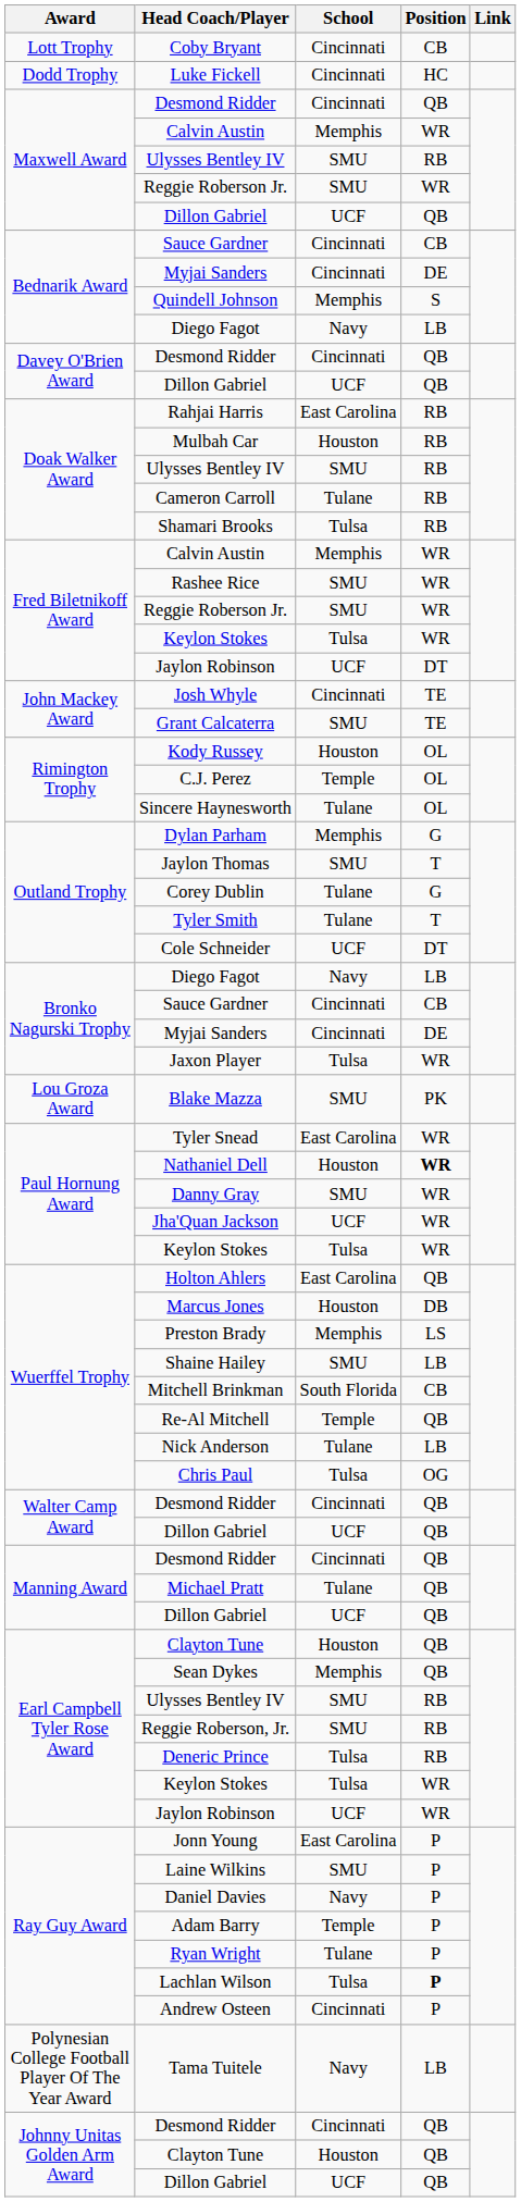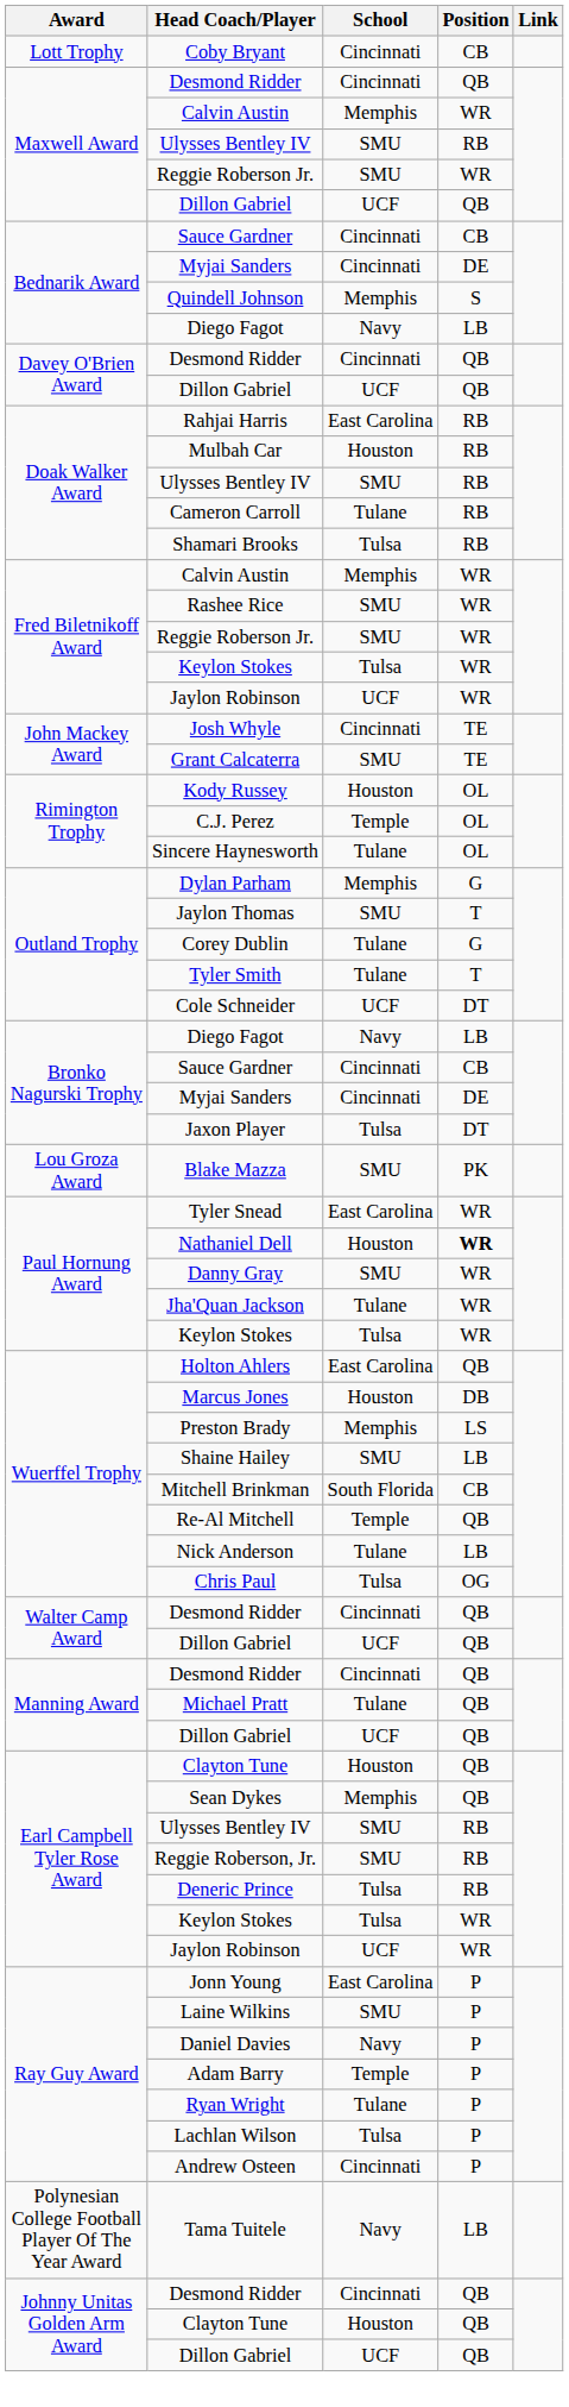 <table class="wikitable sortable" style="text-align: center;">
 <tr>
 <th style="width:110px;">Award</th>
 <th>Head Coach/Player</th>
 <th>School</th>
 <th>Position</th>
 <th>Link</th>
 </tr>
 <tr>
 <td><a href='#'>Lott Trophy</a></td>
 <td><a href='#'>Coby Bryant</a></td>
 <td>Cincinnati</td>
 <td>CB</td>
-<td></td>
-</tr>
-<tr>
-<td><a href='#'>Dodd Trophy</a></td>
-<td><a href='#'>Luke Fickell</a></td>
-<td>Cincinnati</td>
-<td>HC</td>
 <td></td>
 </tr>
 <tr>
 <td rowspan=5><a href='#'>Maxwell Award</a></td>
 <td><a href='#'>Desmond Ridder</a></td>
 <td>Cincinnati</td>
 <td>QB</td>
 <td rowspan=5></td>
 </tr>
 <tr>
 <td><a href='#'>Calvin Austin</a></td>
 <td>Memphis</td>
 <td>WR</td>
 </tr>
 <tr>
 <td><a href='#'>Ulysses Bentley IV</a></td>
 <td>SMU</td>
 <td>RB</td>
 </tr>
 <tr>
 <td>Reggie Roberson Jr.</td>
 <td>SMU</td>
 <td>WR</td>
 </tr>
 <tr>
 <td><a href='#'>Dillon Gabriel</a></td>
 <td>UCF</td>
 <td>QB</td>
 </tr>
 <tr>
 <td rowspan=4><a href='#'>Bednarik Award</a></td>
 <td><a href='#'>Sauce Gardner</a></td>
 <td>Cincinnati</td>
 <td>CB</td>
 <td rowspan=4></td>
 </tr>
 <tr>
 <td><a href='#'>Myjai Sanders</a></td>
 <td>Cincinnati</td>
 <td>DE</td>
 </tr>
 <tr>
 <td><a href='#'>Quindell Johnson</a></td>
 <td>Memphis</td>
 <td>S</td>
 </tr>
 <tr>
 <td>Diego Fagot</td>
 <td>Navy</td>
 <td>LB</td>
 </tr>
 <tr>
 <td rowspan=2><a href='#'>Davey O'Brien Award</a></td>
 <td>Desmond Ridder</td>
 <td>Cincinnati</td>
 <td>QB</td>
 <td rowspan=2></td>
 </tr>
 <tr>
 <td>Dillon Gabriel</td>
 <td>UCF</td>
 <td>QB</td>
 </tr>
 <tr>
 <td rowspan=5><a href='#'>Doak Walker Award</a></td>
 <td>Rahjai Harris</td>
 <td>East Carolina</td>
 <td>RB</td>
 <td rowspan=5></td>
 </tr>
 <tr>
 <td>Mulbah Car</td>
 <td>Houston</td>
 <td>RB</td>
 </tr>
 <tr>
 <td>Ulysses Bentley IV</td>
 <td>SMU</td>
 <td>RB</td>
 </tr>
 <tr>
 <td>Cameron Carroll</td>
 <td>Tulane</td>
 <td>RB</td>
 </tr>
 <tr>
 <td>Shamari Brooks</td>
 <td>Tulsa</td>
 <td>RB</td>
 </tr>
 <tr>
 <td rowspan=5><a href='#'>Fred Biletnikoff Award</a></td>
 <td>Calvin Austin</td>
 <td>Memphis</td>
 <td>WR</td>
 <td rowspan=5></td>
 </tr>
 <tr>
 <td>Rashee Rice</td>
 <td>SMU</td>
 <td>WR</td>
 </tr>
 <tr>
 <td>Reggie Roberson Jr.</td>
 <td>SMU</td>
 <td>WR</td>
 </tr>
 <tr>
 <td><a href='#'>Keylon Stokes</a></td>
 <td>Tulsa</td>
 <td>WR</td>
 </tr>
 <tr>
 <td>Jaylon Robinson</td>
 <td>UCF</td>
-<td>DT</td>
+<td>WR</td>
 </tr>
 <tr>
 <td rowspan=2><a href='#'>John Mackey Award</a></td>
 <td><a href='#'>Josh Whyle</a></td>
 <td>Cincinnati</td>
 <td>TE</td>
 <td rowspan=2></td>
 </tr>
 <tr>
 <td><a href='#'>Grant Calcaterra</a></td>
 <td>SMU</td>
 <td>TE</td>
 </tr>
 <tr>
 <td rowspan=3><a href='#'>Rimington Trophy</a></td>
 <td><a href='#'>Kody Russey</a></td>
 <td>Houston</td>
 <td>OL</td>
 <td rowspan=3></td>
 </tr>
 <tr>
 <td>C.J. Perez</td>
 <td>Temple</td>
 <td>OL</td>
 </tr>
 <tr>
 <td>Sincere Haynesworth</td>
 <td>Tulane</td>
 <td>OL</td>
 </tr>
 <tr>
 <td rowspan=5><a href='#'>Outland Trophy</a></td>
 <td><a href='#'>Dylan Parham</a></td>
 <td>Memphis</td>
 <td>G</td>
 <td rowspan=5></td>
 </tr>
 <tr>
 <td>Jaylon Thomas</td>
 <td>SMU</td>
 <td>T</td>
 </tr>
 <tr>
 <td>Corey Dublin</td>
 <td>Tulane</td>
 <td>G</td>
 </tr>
 <tr>
 <td><a href='#'>Tyler Smith</a></td>
 <td>Tulane</td>
 <td>T</td>
 </tr>
 <tr>
 <td>Cole Schneider</td>
 <td>UCF</td>
 <td>DT</td>
 </tr>
 <tr>
 <td rowspan=4><a href='#'>Bronko Nagurski Trophy</a></td>
 <td>Diego Fagot</td>
 <td>Navy</td>
 <td>LB</td>
 <td rowspan=4></td>
 </tr>
 <tr>
 <td>Sauce Gardner</td>
 <td>Cincinnati</td>
 <td>CB</td>
 </tr>
 <tr>
 <td>Myjai Sanders</td>
 <td>Cincinnati</td>
 <td>DE</td>
 </tr>
 <tr>
 <td>Jaxon Player</td>
 <td>Tulsa</td>
-<td>WR</td>
+<td>DT</td>
 </tr>
 <tr>
 <td><a href='#'>Lou Groza Award</a></td>
 <td><a href='#'>Blake Mazza</a></td>
 <td>SMU</td>
 <td>PK</td>
 <td></td>
 </tr>
 <tr>
 <td rowspan=5><a href='#'>Paul Hornung Award</a></td>
 <td>Tyler Snead</td>
 <td>East Carolina</td>
 <td>WR</td>
 <td rowspan=5></td>
 </tr>
 <tr>
 <td><a href='#'>Nathaniel Dell</a></td>
 <td>Houston</td>
 <td><strong>WR</strong></td>
 </tr>
 <tr>
 <td><a href='#'>Danny Gray</a></td>
 <td>SMU</td>
 <td>WR</td>
 </tr>
 <tr>
 <td><a href='#'>Jha'Quan Jackson</a></td>
-<td>UCF</td>
+<td>Tulane</td>
 <td>WR</td>
 </tr>
 <tr>
 <td>Keylon Stokes</td>
 <td>Tulsa</td>
 <td>WR</td>
 </tr>
 <tr>
 <td rowspan=8><a href='#'>Wuerffel Trophy</a></td>
 <td><a href='#'>Holton Ahlers</a></td>
 <td>East Carolina</td>
 <td>QB</td>
 <td rowspan=8></td>
 </tr>
 <tr>
 <td><a href='#'>Marcus Jones</a></td>
 <td>Houston</td>
 <td>DB</td>
 </tr>
 <tr>
 <td>Preston Brady</td>
 <td>Memphis</td>
 <td>LS</td>
 </tr>
 <tr>
 <td>Shaine Hailey</td>
 <td>SMU</td>
 <td>LB</td>
 </tr>
 <tr>
 <td>Mitchell Brinkman</td>
 <td>South Florida</td>
 <td>CB</td>
 </tr>
 <tr>
 <td>Re-Al Mitchell</td>
 <td>Temple</td>
 <td>QB</td>
 </tr>
 <tr>
 <td>Nick Anderson</td>
 <td>Tulane</td>
 <td>LB</td>
 </tr>
 <tr>
 <td><a href='#'>Chris Paul</a></td>
 <td>Tulsa</td>
 <td>OG</td>
 </tr>
 <tr>
 <td rowspan=2><a href='#'>Walter Camp Award</a></td>
 <td>Desmond Ridder</td>
 <td>Cincinnati</td>
 <td>QB</td>
 <td rowspan=2></td>
 </tr>
 <tr>
 <td>Dillon Gabriel</td>
 <td>UCF</td>
 <td>QB</td>
 </tr>
 <tr>
 <td rowspan=3><a href='#'>Manning Award</a></td>
 <td>Desmond Ridder</td>
 <td>Cincinnati</td>
 <td>QB</td>
 <td rowspan=3></td>
 </tr>
 <tr>
 <td><a href='#'>Michael Pratt</a></td>
 <td>Tulane</td>
 <td>QB</td>
 </tr>
 <tr>
 <td>Dillon Gabriel</td>
 <td>UCF</td>
 <td>QB</td>
 </tr>
 <tr>
 <td rowspan=7><a href='#'>Earl Campbell Tyler Rose Award</a></td>
 <td><a href='#'>Clayton Tune</a></td>
 <td>Houston</td>
 <td>QB</td>
 <td rowspan=7></td>
 </tr>
 <tr>
 <td>Sean Dykes</td>
 <td>Memphis</td>
 <td>QB</td>
 </tr>
 <tr>
 <td>Ulysses Bentley IV</td>
 <td>SMU</td>
 <td>RB</td>
 </tr>
 <tr>
 <td>Reggie Roberson, Jr.</td>
 <td>SMU</td>
 <td>RB</td>
 </tr>
 <tr>
 <td><a href='#'>Deneric Prince</a></td>
 <td>Tulsa</td>
 <td>RB</td>
 </tr>
 <tr>
 <td>Keylon Stokes</td>
 <td>Tulsa</td>
 <td>WR</td>
 </tr>
 <tr>
 <td>Jaylon Robinson</td>
 <td>UCF</td>
 <td>WR</td>
 </tr>
 <tr>
 <td rowspan=7><a href='#'>Ray Guy Award</a></td>
 <td>Jonn Young</td>
 <td>East Carolina</td>
 <td>P</td>
 <td rowspan=7></td>
 </tr>
 <tr>
 <td>Laine Wilkins</td>
 <td>SMU</td>
 <td>P</td>
 </tr>
 <tr>
 <td>Daniel Davies</td>
 <td>Navy</td>
 <td>P</td>
 </tr>
 <tr>
 <td>Adam Barry</td>
 <td>Temple</td>
 <td>P</td>
 </tr>
 <tr>
 <td><a href='#'>Ryan Wright</a></td>
 <td>Tulane</td>
 <td>P</td>
 </tr>
 <tr>
 <td>Lachlan Wilson</td>
 <td>Tulsa</td>
-<td><strong>P</strong></td>
+<td>P</td>
 </tr>
 <tr>
 <td>Andrew Osteen</td>
 <td>Cincinnati</td>
 <td>P</td>
 </tr>
 <tr>
 <td>Polynesian College Football Player Of The Year Award</td>
 <td>Tama Tuitele</td>
 <td>Navy</td>
 <td>LB</td>
 <td></td>
 </tr>
 <tr>
 <td rowspan=3><a href='#'>Johnny Unitas Golden Arm Award</a></td>
 <td>Desmond Ridder</td>
 <td>Cincinnati</td>
 <td>QB</td>
 <td rowspan=3></td>
 </tr>
 <tr>
 <td>Clayton Tune</td>
 <td>Houston</td>
 <td>QB</td>
 </tr>
 <tr>
 <td>Dillon Gabriel</td>
 <td>UCF</td>
 <td>QB</td>
 </tr>
 </table>
